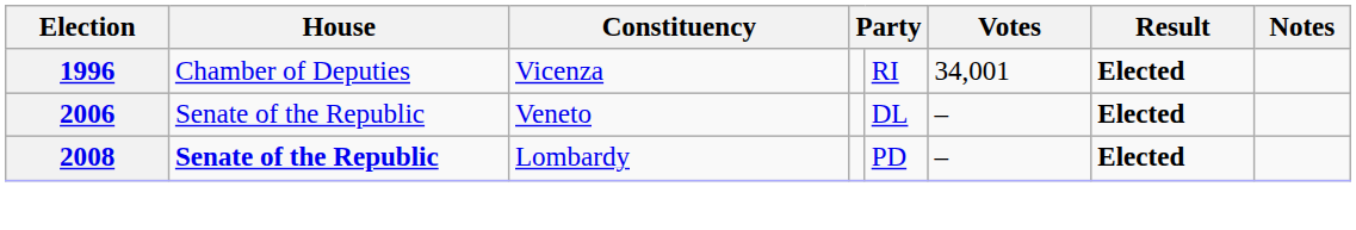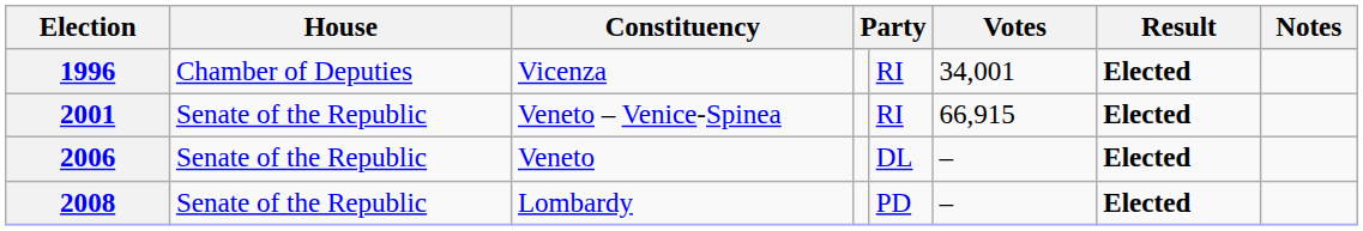 <table class=wikitable style="width:62%; border:1px #AAAAFF solid">
 <tr>
 <th width=12%>Election</th>
 <th width=25%>House</th>
 <th width=25%>Constituency</th>
 <th width=5% colspan="2">Party</th>
 <th width=12%>Votes</th>
 <th width=12%>Result</th>
 <th width=7%>Notes</th>
 </tr>
 <tr>
 <th><a href='#'>1996</a></th>
 <td><a href='#'>Chamber of Deputies</a></td>
 <td><a href='#'>Vicenza</a></td>
 <td></td>
 <td><a href='#'>RI</a></td>
 <td>34,001</td>
 <td> <strong>Elected</strong></td>
 <td></td>
 </tr>
 <tr>
+<th><a href='#'>2001</a></th>
+<td><a href='#'>Senate of the Republic</a></td>
+<td><a href='#'>Veneto</a> – <a href='#'>Venice</a>-<a href='#'>Spinea</a></td>
+<td></td>
+<td><a href='#'>RI</a></td>
+<td>66,915</td>
+<td> <strong>Elected</strong></td>
+<td></td>
+</tr>
+<tr>
 <th><a href='#'>2006</a></th>
 <td><a href='#'>Senate of the Republic</a></td>
 <td><a href='#'>Veneto</a></td>
 <td></td>
 <td><a href='#'>DL</a></td>
 <td>–</td>
 <td> <strong>Elected</strong></td>
 <td></td>
 </tr>
 <tr>
 <th><a href='#'>2008</a></th>
-<td><strong><a href='#'>Senate of the Republic</a></strong></td>
+<td><a href='#'>Senate of the Republic</a></td>
 <td><a href='#'>Lombardy</a></td>
 <td></td>
 <td><a href='#'>PD</a></td>
 <td>–</td>
 <td> <strong>Elected</strong></td>
 <td></td>
 </tr>
 <tr>
 </tr>
 </table>
